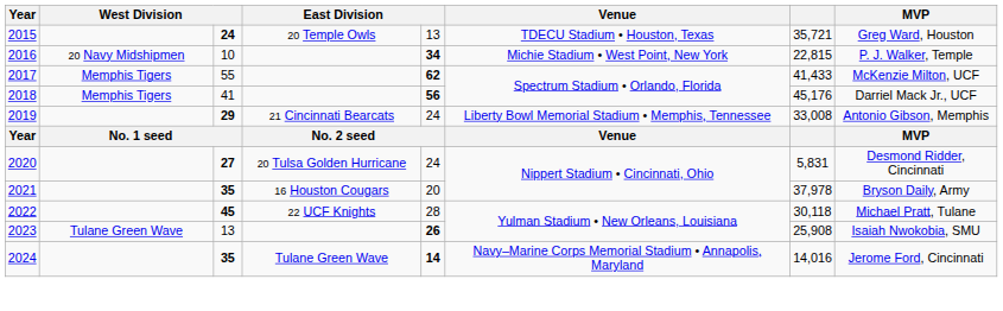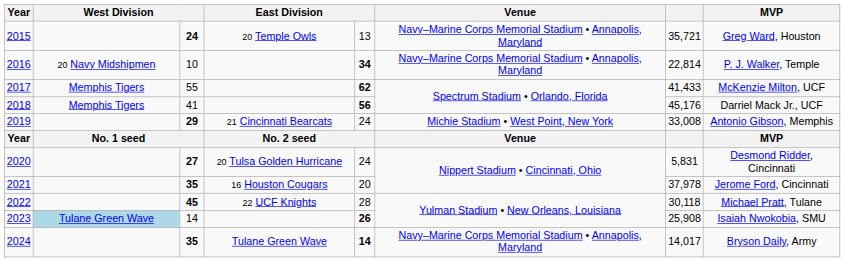 <table class="wikitable" style="text-align:center;" width= %>
 <tr>
 <th width=px>Year</th>
 <th colspan=2 width=250px>West Division</th>
 <th colspan=2 width=250px>East Division</th>
 <th width=px>Venue</th>
 <th width=px></th>
 <th width=px>MVP</th>
 </tr>
 <tr>
 <td><a href='#'>2015</a></td>
 <td> <strong><a href='#'></a></strong></td>
 <td><strong>24</strong></td>
 <td><small>20</small> <a href='#'>Temple Owls</a></td>
 <td>13</td>
-<td><a href='#'>TDECU Stadium</a> • <a href='#'>Houston, Texas</a></td>
+<td><a href='#'>Navy–Marine Corps Memorial Stadium</a> • <a href='#'>Annapolis, Maryland</a></td>
 <td align=center>35,721</td>
 <td><a href='#'>Greg Ward</a>, Houston</td>
 </tr>
 <tr>
 <td><a href='#'>2016</a></td>
 <td><small>20</small> <a href='#'>Navy Midshipmen</a></td>
 <td>10</td>
 <td><strong><a href='#'></a></strong></td>
 <td><strong>34</strong></td>
-<td><a href='#'>Michie Stadium</a> • <a href='#'>West Point, New York</a></td>
-<td align=center>22,815</td>
+<td><a href='#'>Navy–Marine Corps Memorial Stadium</a> • <a href='#'>Annapolis, Maryland</a></td>
+<td align=center>22,814</td>
 <td><a href='#'>P. J. Walker</a>, Temple</td>
 </tr>
 <tr>
 <td><a href='#'>2017</a></td>
 <td> <a href='#'>Memphis Tigers</a></td>
 <td>55</td>
 <td> <strong><a href='#'></a></strong></td>
 <td><strong>62 </strong></td>
 <td rowspan=2><a href='#'>Spectrum Stadium</a> • <a href='#'>Orlando, Florida</a></td>
 <td>41,433</td>
 <td><a href='#'>McKenzie Milton</a>, UCF</td>
 </tr>
 <tr>
 <td><a href='#'>2018</a></td>
 <td><a href='#'>Memphis Tigers</a></td>
 <td>41</td>
 <td> <strong><a href='#'></a></strong></td>
 <td><strong>56</strong></td>
 <td>45,176</td>
 <td>Darriel Mack Jr., UCF</td>
 </tr>
 <tr>
 <td><a href='#'>2019</a></td>
 <td> <strong><a href='#'></a></strong></td>
 <td><strong>29</strong></td>
 <td><small>21</small> <a href='#'>Cincinnati Bearcats</a></td>
 <td>24</td>
-<td><a href='#'>Liberty Bowl Memorial Stadium</a> • <a href='#'>Memphis, Tennessee</a></td>
+<td><a href='#'>Michie Stadium</a> • <a href='#'>West Point, New York</a></td>
 <td>33,008</td>
 <td><a href='#'>Antonio Gibson</a>, Memphis</td>
 </tr>
 <tr>
 <th width=px>Year</th>
 <th colspan=2>No. 1 seed</th>
 <th colspan=2>No. 2 seed</th>
 <th width=px>Venue</th>
 <th width=px></th>
 <th width=px>MVP</th>
 </tr>
 <tr>
 <td><a href='#'>2020</a></td>
 <td> <strong><a href='#'></a></strong></td>
 <td><strong>27</strong></td>
 <td><small>20</small> <a href='#'>Tulsa Golden Hurricane</a></td>
 <td>24</td>
 <td rowspan=2><a href='#'>Nippert Stadium</a> • <a href='#'>Cincinnati, Ohio</a></td>
 <td align=center>5,831</td>
 <td><a href='#'>Desmond Ridder</a>, Cincinnati</td>
 </tr>
 <tr>
 <td><a href='#'>2021</a></td>
 <td> <strong><a href='#'></a></strong></td>
 <td><strong>35</strong></td>
 <td><small>16</small> <a href='#'>Houston Cougars</a></td>
 <td>20</td>
 <td align=center>37,978</td>
-<td><a href='#'>Bryson Daily</a>, Army</td>
+<td><a href='#'>Jerome Ford</a>, Cincinnati</td>
 </tr>
 <tr>
 <td><a href='#'>2022</a></td>
 <td> <strong><a href='#'></a></strong></td>
 <td><strong>45</strong></td>
 <td><small>22</small> <a href='#'>UCF Knights</a></td>
 <td>28</td>
 <td rowspan=2><a href='#'>Yulman Stadium</a> • <a href='#'>New Orleans, Louisiana</a></td>
 <td align=center>30,118</td>
 <td><a href='#'>Michael Pratt</a>, Tulane</td>
 </tr>
 <tr>
 <td><a href='#'>2023</a></td>
-<td> <a href='#'>Tulane Green Wave</a></td>
-<td>13</td>
+<td style="background: lightblue;"> <a href='#'>Tulane Green Wave</a></td>
+<td>14</td>
 <td> <strong><a href='#'></a></strong></td>
 <td><strong>26</strong></td>
 <td align=center>25,908</td>
 <td><a href='#'>Isaiah Nwokobia</a>, SMU</td>
 </tr>
 <tr>
 <td><a href='#'>2024</a></td>
 <td> <strong><a href='#'></a></strong></td>
 <td><strong>35</strong></td>
 <td><a href='#'>Tulane Green Wave</a></td>
 <td><strong>14</strong></td>
 <td><a href='#'>Navy–Marine Corps Memorial Stadium</a> • <a href='#'>Annapolis, Maryland</a></td>
-<td>14,016</td>
-<td><a href='#'>Jerome Ford</a>, Cincinnati</td>
+<td>14,017</td>
+<td><a href='#'>Bryson Daily</a>, Army</td>
 </tr>
 </table>
